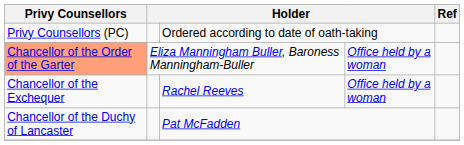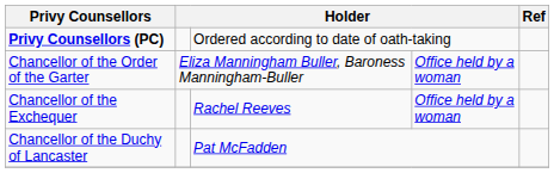 <table class="wikitable">
 <tr>
 <th>Privy Counsellors</th>
 <th colspan=4>Holder</th>
 <th>Ref</th>
 </tr>
 <tr>
-<td><a href='#'>Privy Counsellors</a> (PC)</td>
+<td><strong><a href='#'>Privy Counsellors</a> (PC)</strong></td>
 <td style="background: "></td>
 <td colspan=3>Ordered according to date of oath-taking</td>
 <td></td>
 </tr>
 <tr>
-<td style="background: lightsalmon;"><a href='#'>Chancellor of the Order of the Garter</a></td>
+<td><a href='#'>Chancellor of the Order of the Garter</a></td>
 <td colspan=3><em><a href='#'>Eliza Manningham Buller</a>, Baroness Manningham-Buller</em></td>
 <td colspan=1><em><a href='#'>Office held by a woman</a></em></td>
 <td></td>
 </tr>
 <tr>
 <td><a href='#'>Chancellor of the Exchequer</a></td>
 <td style="background: "></td>
 <td colspan=2><em><a href='#'>Rachel Reeves</a></em></td>
 <td colspan=1><em> <a href='#'>Office held by a woman</a></em></td>
 <td></td>
 </tr>
 <tr>
 <td><a href='#'>Chancellor of the Duchy of Lancaster</a></td>
 <td style="background: "></td>
 <td colspan=3><em><a href='#'>Pat McFadden</a></em></td>
 <td></td>
 </tr>
 <tr>
 </tr>
 </table>
